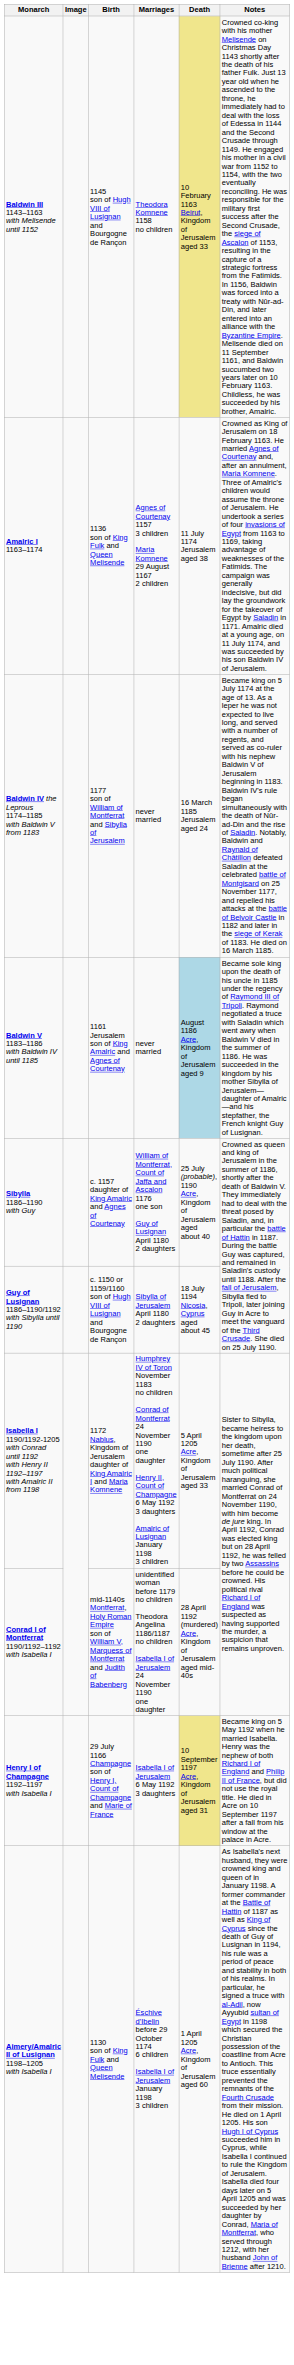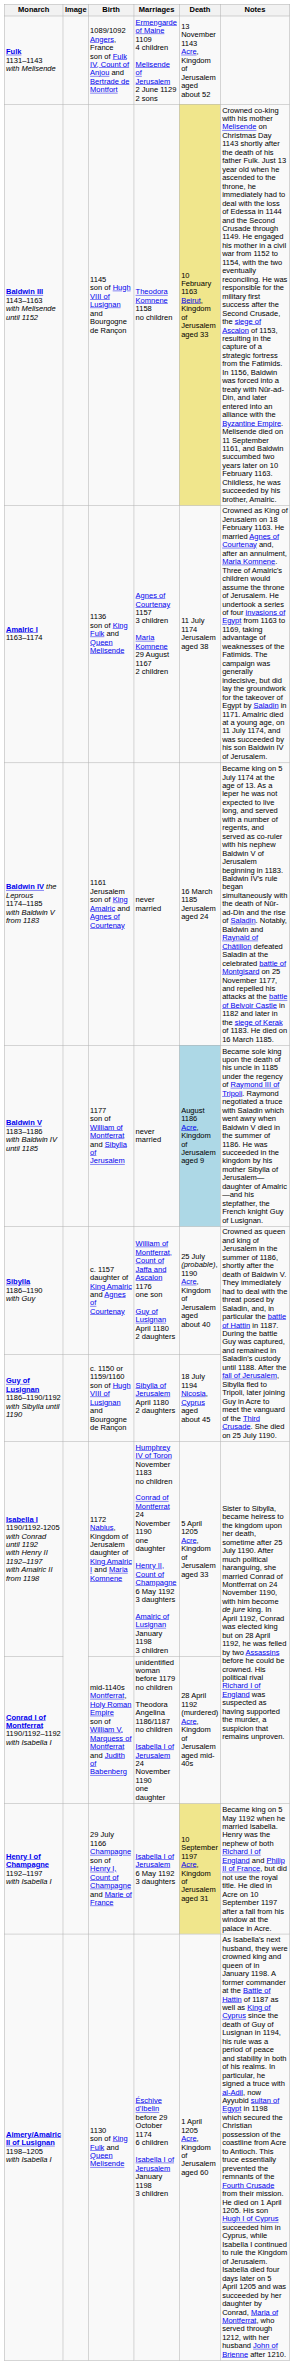 <table class="wikitable">
 <tr>
 <th>Monarch</th>
 <th>Image</th>
 <th>Birth</th>
 <th>Marriages</th>
 <th>Death</th>
 <th>Notes</th>
+</tr>
+<tr>
+<td><strong><a href='#'>Fulk</a></strong><br>1131–1143<br><em>with Melisende</em></td>
+<td></td>
+<td>1089/1092<br><a href='#'>Angers</a>, France<br>son of <a href='#'>Fulk IV, Count of Anjou</a> and <a href='#'>Bertrade de Montfort</a></td>
+<td><a href='#'>Ermengarde of Maine</a><br>1109<br>4 children<br><br><a href='#'>Melisende of Jerusalem</a><br>2 June 1129<br>2 sons</td>
+<td>13 November 1143<br><a href='#'>Acre</a>, Kingdom of Jerusalem<br>aged about 52</td>
+<td></td>
 </tr>
 <tr>
 <td><strong><a href='#'>Baldwin III</a></strong><br>1143–1163<br><em>with Melisende until 1152</em></td>
 <td></td>
 <td>1145<br>son of <a href='#'>Hugh VIII of Lusignan</a> and Bourgogne de Rançon</td>
 <td><a href='#'>Theodora Komnene</a><br>1158<br>no children</td>
 <td style="background: khaki;">10 February 1163<br><a href='#'>Beirut</a>, Kingdom of Jerusalem<br> aged 33</td>
 <td>Crowned co-king with his mother <a href='#'>Melisende</a> on Christmas Day 1143 shortly after the death of his father Fulk. Just 13 year old when he ascended to the throne, he immediately had to deal with the loss of Edessa in 1144 and the Second Crusade through 1149. He engaged his mother in a civil war from 1152 to 1154, with the two eventually reconciling. He was responsible for the military first success after the Second Crusade, the <a href='#'>siege of Ascalon</a> of 1153, resulting in the capture of a strategic fortress from the Fatimids. In 1156, Baldwin was forced into a treaty with Nūr-ad-Din, and later entered into an alliance with the <a href='#'>Byzantine Empire</a>. Melisende died on 11 September 1161, and Baldwin succumbed two years later on 10 February 1163. Childless, he was succeeded by his brother, Amalric.</td>
 </tr>
 <tr>
 <td><strong><a href='#'>Amalric I</a></strong><br>1163–1174</td>
 <td></td>
 <td>1136<br>son of <a href='#'>King Fulk</a> and <a href='#'>Queen Melisende</a></td>
 <td><a href='#'>Agnes of Courtenay</a><br>1157<br>3 children<br><br><a href='#'>Maria Komnene</a><br>29 August 1167<br>2 children</td>
 <td>11 July 1174<br>Jerusalem<br>aged 38</td>
 <td>Crowned as King of Jerusalem on 18 February 1163. He married <a href='#'>Agnes of Courtenay</a> and, after an annulment, <a href='#'>Maria Komnene</a>. Three of Amalric's children would assume the throne of Jerusalem. He undertook a series of four <a href='#'>invasions of Egypt</a> from 1163 to 1169, taking advantage of weaknesses of the Fatimids. The campaign was generally indecisive, but did lay the groundwork for the takeover of Egypt by <a href='#'>Saladin</a> in 1171. Amalric died at a young age, on 11 July 1174, and was succeeded by his son Baldwin IV of Jerusalem.</td>
 </tr>
 <tr>
 <td><strong><a href='#'>Baldwin IV</a></strong> <em>the Leprous</em><br>1174–1185<br><em>with Baldwin V from 1183</em></td>
 <td></td>
-<td>1177<br>son of <a href='#'>William of Montferrat</a> and <a href='#'>Sibylla of Jerusalem</a></td>
+<td>1161<br>Jerusalem<br>son of <a href='#'>King Amalric</a> and <a href='#'>Agnes of Courtenay</a></td>
 <td>never married</td>
 <td>16 March 1185<br>Jerusalem<br>aged 24 </td>
 <td>Became king on 5 July 1174 at the age of 13. As a leper he was not expected to live long, and served with a number of regents, and served as co-ruler with his nephew Baldwin V of Jerusalem beginning in 1183. Baldwin IV's rule began simultaneously with the death of Nūr-ad-Din and the rise of <a href='#'>Saladin</a>. Notably, Baldwin and <a href='#'>Raynald of Châtillon</a> defeated Saladin at the celebrated <a href='#'>battle of Montgisard</a> on 25 November 1177, and repelled his attacks at the <a href='#'>battle of Belvoir Castle</a> in 1182 and later in the <a href='#'>siege of Kerak</a> of 1183. He died on 16 March 1185.</td>
 </tr>
 <tr>
 <td><strong><a href='#'>Baldwin V</a></strong><br>1183–1186<br><em>with Baldwin IV until 1185</em></td>
 <td></td>
-<td>1161<br>Jerusalem<br>son of <a href='#'>King Amalric</a> and <a href='#'>Agnes of Courtenay</a></td>
+<td>1177<br>son of <a href='#'>William of Montferrat</a> and <a href='#'>Sibylla of Jerusalem</a></td>
 <td>never married</td>
 <td style="background: lightblue;">August 1186<br><a href='#'>Acre</a>, Kingdom of Jerusalem<br>aged 9</td>
 <td>Became sole king upon the death of his uncle in 1185 under the regency of <a href='#'>Raymond III of Tripoli</a>. Raymond negotiated a truce with Saladin which went awry when Baldwin V died in the summer of 1186. He was succeeded in the kingdom by his mother Sibylla of Jerusalem—daughter of Amalric—and his stepfather, the French knight Guy of Lusignan.</td>
 </tr>
 <tr>
 <td><strong><a href='#'>Sibylla</a></strong><br>1186–1190<br><em>with Guy</em></td>
 <td></td>
 <td>c. 1157<br>daughter of <a href='#'>King Amalric</a> and <a href='#'>Agnes of Courtenay</a></td>
 <td><a href='#'>William of Montferrat, Count of Jaffa and Ascalon</a><br>1176<br>one son<br><br><a href='#'>Guy of Lusignan</a><br>April 1180<br>2 daughters</td>
 <td>25 July <em>(probable)</em>, 1190<br><a href='#'>Acre</a>, Kingdom of Jerusalem<br>aged about 40</td>
 <td rowspan="2">Crowned as queen and king of Jerusalem in the summer of 1186, shortly after the death of Baldwin V. They immediately had to deal with the threat posed by Saladin, and, in particular the <a href='#'>battle of Hattin</a> in 1187. During the battle Guy was captured, and remained in Saladin's custody until 1188. After the <a href='#'>fall of Jerusalem</a>, Sibylla fled to Tripoli, later joining Guy in Acre to meet the vanguard of the <a href='#'>Third Crusade</a>. She died on 25 July 1190.</td>
 </tr>
 <tr>
 <td><strong><a href='#'>Guy of Lusignan</a></strong><br>1186–1190/1192<br><em>with Sibylla until 1190</em></td>
 <td></td>
 <td>c. 1150 or 1159/1160<br>son of <a href='#'>Hugh VIII of Lusignan</a> and Bourgogne de Rançon</td>
 <td><a href='#'>Sibylla of Jerusalem</a><br>April 1180<br>2 daughters</td>
 <td>18 July 1194<br><a href='#'>Nicosia</a>, <a href='#'>Cyprus</a><br>aged about 45</td>
 </tr>
 <tr>
 <td><strong><a href='#'>Isabella I</a></strong><br>1190/1192-1205<br><em>with Conrad until 1192<br>with Henry II 1192–1197<br>with Amalric II from 1198</em></td>
 <td rowspan="2"></td>
 <td>1172<br><a href='#'>Nablus</a>, Kingdom of Jerusalem<br>daughter of <a href='#'>King Amalric I</a> and <a href='#'>Maria Komnene</a></td>
 <td><a href='#'>Humphrey IV of Toron</a><br>November 1183<br>no children<br><br><a href='#'>Conrad of Montferrat</a><br>24 November 1190<br>one daughter<br><br><a href='#'>Henry II, Count of Champagne</a><br>6 May 1192<br>3 daughters<br><br><a href='#'>Amalric of Lusignan</a><br>January 1198<br>3 children</td>
 <td>5 April 1205<br><a href='#'>Acre</a>, Kingdom of Jerusalem<br>aged 33</td>
 <td rowspan="2">Sister to Sibylla, became heiress to the kingdom upon her death, sometime after 25 July 1190. After much political haranguing, she married Conrad of Montferrat on 24 November 1190, with him become <em>de jure</em> king. In April 1192, Conrad was elected king but on 28 April 1192, he was felled by two <a href='#'>Assassins</a> before he could be crowned. His political rival <a href='#'>Richard I of England</a> was suspected as having supported the murder, a suspicion that remains unproven.</td>
 </tr>
 <tr>
 <td><strong><a href='#'>Conrad I of Montferrat</a></strong><br>1190/1192–1192<br><em>with Isabella I</em></td>
 <td>mid-1140s<br><a href='#'>Montferrat</a>, <a href='#'>Holy Roman Empire</a><br>son of <a href='#'>William V, Marquess of Montferrat</a> and <a href='#'>Judith of Babenberg</a></td>
 <td>unidentified woman<br>before 1179<br>no children<br><br>Theodora Angelina<br>1186/1187<br>no children<br><br><a href='#'>Isabella I of Jerusalem</a><br>24 November 1190<br>one daughter</td>
 <td>28 April 1192 (murdered)<br><a href='#'>Acre</a>, Kingdom of Jerusalem<br>aged mid-40s</td>
 </tr>
 <tr>
 <td><strong><a href='#'>Henry I of Champagne</a></strong><br>1192–1197<br><em>with Isabella I</em></td>
 <td></td>
 <td>29 July 1166<br><a href='#'>Champagne</a><br>son of <a href='#'>Henry I, Count of Champagne</a> and <a href='#'>Marie of France</a></td>
 <td><a href='#'>Isabella I of Jerusalem</a><br>6 May 1192<br>3 daughters</td>
 <td style="background: khaki;">10 September 1197<br><a href='#'>Acre</a>, Kingdom of Jerusalem<br>aged 31</td>
 <td>Became king on 5 May 1192 when he married Isabella. Henry was the nephew of both <a href='#'>Richard I of England</a> and <a href='#'>Philip II of France</a>, but did not use the royal title. He died in Acre on 10 September 1197 after a fall from his window at the palace in Acre.</td>
 </tr>
 <tr>
 <td><strong><a href='#'>Aimery/Amalric II of Lusignan</a></strong><br>1198–1205<br><em>with Isabella I</em></td>
 <td></td>
 <td>1130<br>son of <a href='#'>King Fulk</a> and <a href='#'>Queen Melisende</a></td>
 <td><a href='#'>Éschive d'Ibelin</a><br>before 29 October 1174<br>6 children<br><br><a href='#'>Isabella I of Jerusalem</a><br>January 1198<br>3 children</td>
 <td>1 April 1205<br><a href='#'>Acre</a>, Kingdom of Jerusalem<br>aged 60</td>
 <td>As Isabella's next husband, they were crowned king and queen of in January 1198. A former commander at the <a href='#'>Battle of Hattin</a> of 1187 as well as <a href='#'>King of Cyprus</a> since the death of Guy of Lusignan in 1194, his rule was a period of peace and stability in both of his realms.  In particular, he signed a truce with <a href='#'>al-Adil</a>, now Ayyubid <a href='#'>sultan of Egypt</a> in 1198 which secured the Christian possession of the coastline from Acre to Antioch. This truce essentially prevented the remnants of the <a href='#'>Fourth Crusade</a> from their mission. He died on 1 April 1205. His son <a href='#'>Hugh I of Cyprus</a> succeeded him in Cyprus, while Isabella I continued to rule the Kingdom of Jerusalem. Isabella died four days later on 5 April 1205 and was succeeded by her daughter by Conrad, <a href='#'>Maria of Montferrat</a>, who served through 1212, with her husband <a href='#'>John of Brienne</a> after 1210.</td>
 </tr>
 </table>
